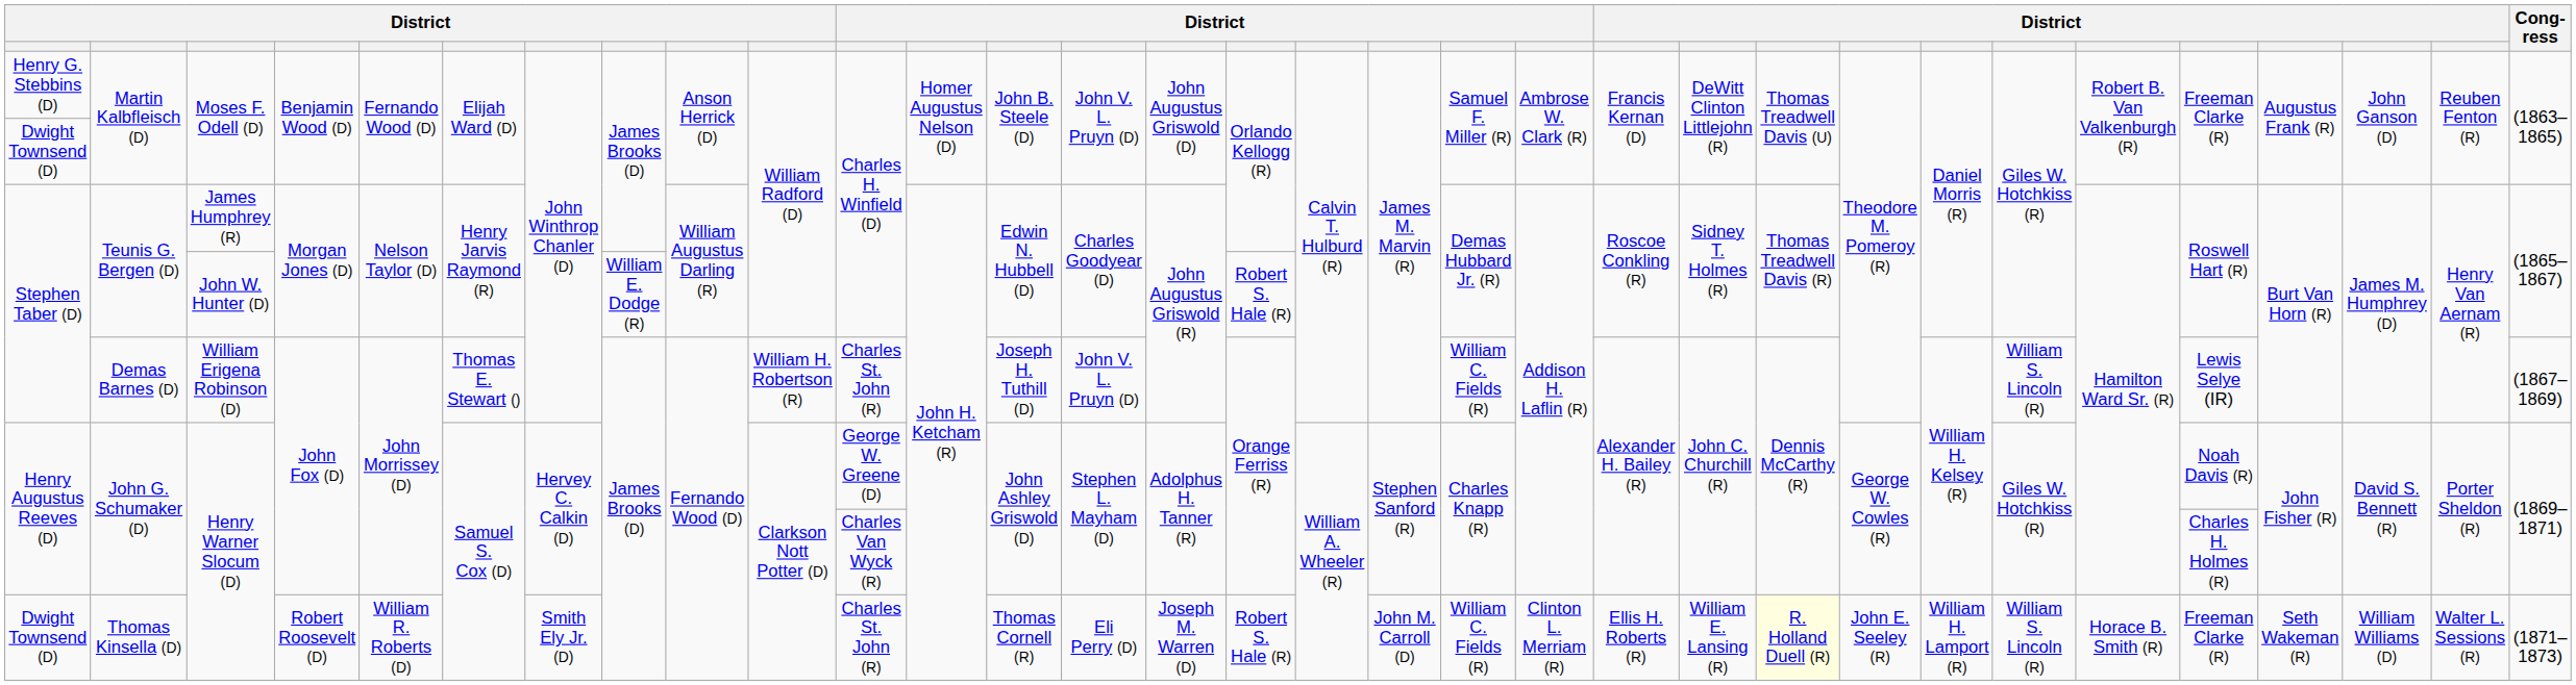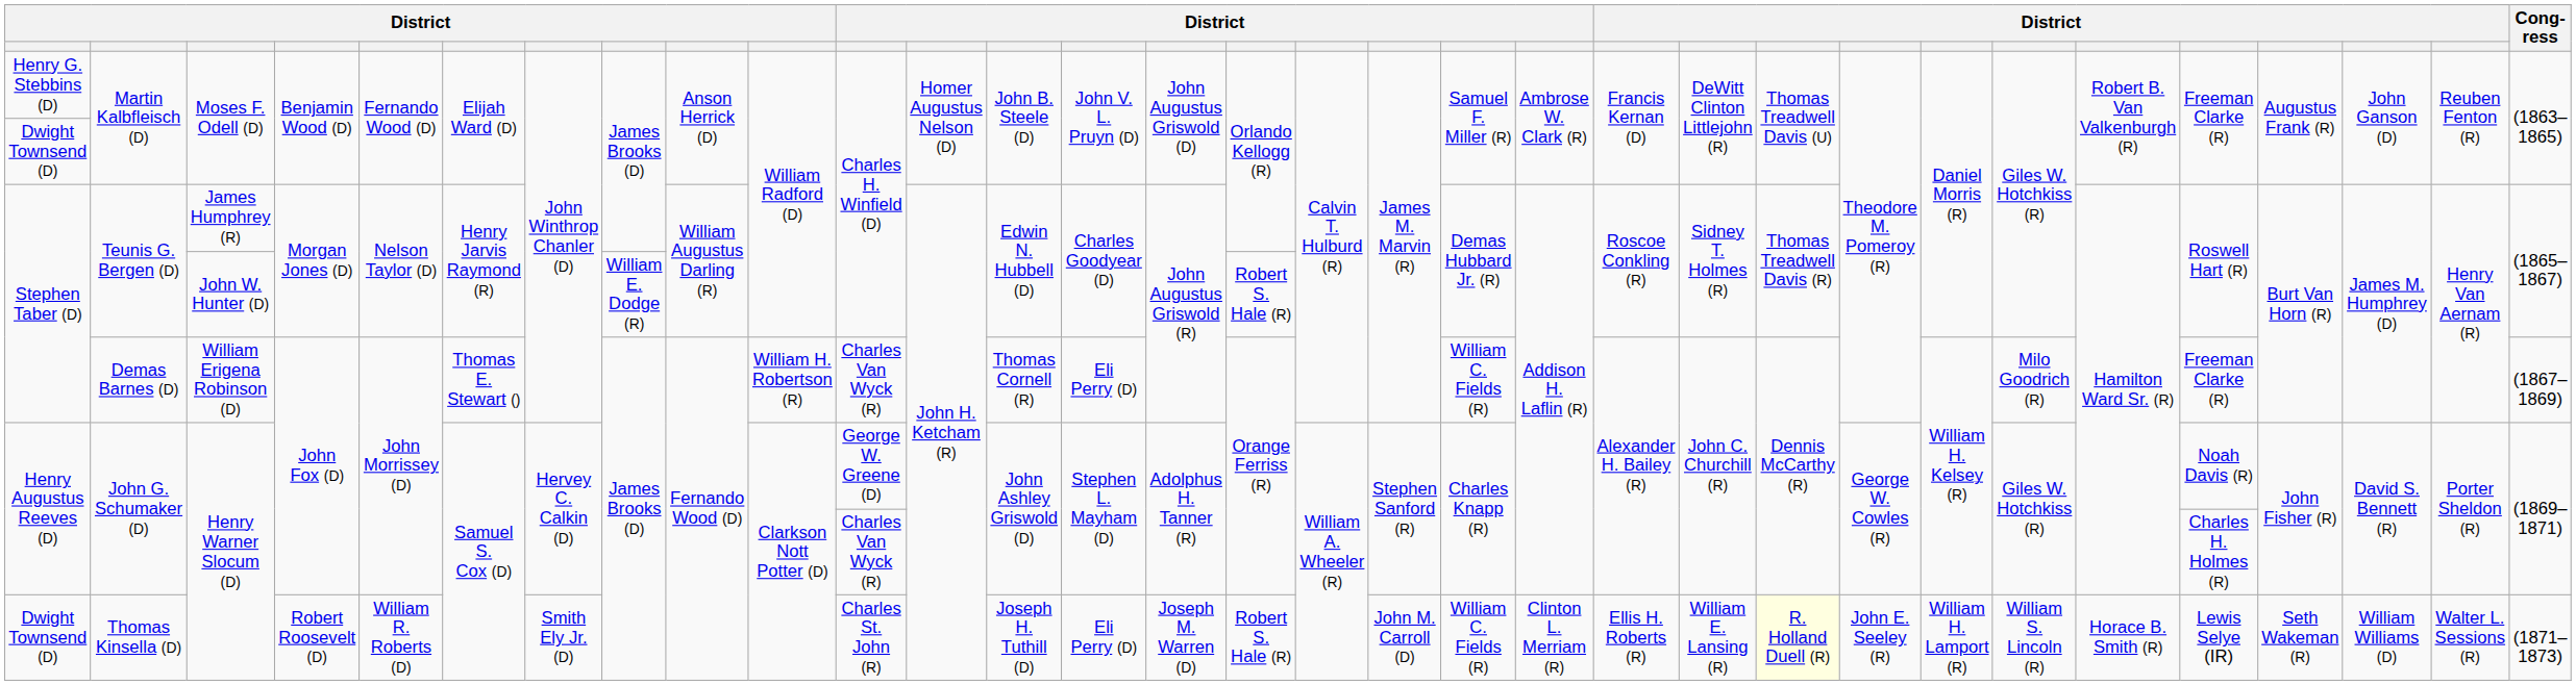 <table class=wikitable style="text-align:center">
 <tr>
 <th colspan=10>District</th>
 <th colspan=10>District</th>
 <th colspan=11>District</th>
 <th rowspan=2>Cong­ress</th>
 </tr>
 <tr>
 <th></th>
 <th></th>
 <th></th>
 <th></th>
 <th></th>
 <th></th>
 <th></th>
 <th></th>
 <th></th>
 <th></th>
 <th></th>
 <th></th>
 <th></th>
 <th></th>
 <th></th>
 <th></th>
 <th></th>
 <th></th>
 <th></th>
 <th></th>
 <th></th>
 <th></th>
 <th></th>
 <th></th>
 <th></th>
 <th></th>
 <th></th>
 <th></th>
 <th></th>
 <th></th>
 <th></th>
 </tr>
 <tr style="height:2em">
 <td><a href='#'>Henry G.<br>Stebbins</a> <small>(D)</small></td>
 <td rowspan=2 ><a href='#'>Martin<br>Kalbfleisch</a><br><small>(D)</small></td>
 <td rowspan=2 ><a href='#'>Moses F.<br>Odell</a> <small>(D)</small></td>
 <td rowspan=2 ><a href='#'>Benjamin<br>Wood</a> <small>(D)</small></td>
 <td rowspan=2 ><a href='#'>Fernando<br>Wood</a> <small>(D)</small></td>
 <td rowspan=2 ><a href='#'>Elijah<br>Ward</a> <small>(D)</small></td>
 <td rowspan=5 ><a href='#'>John<br>Winthrop<br>Chanler</a><br><small>(D)</small></td>
 <td rowspan=3 ><a href='#'>James<br>Brooks</a><br><small>(D)</small></td>
 <td rowspan=2 ><a href='#'>Anson<br>Herrick</a><br><small>(D)</small></td>
 <td rowspan=4 ><a href='#'>William<br>Radford</a> <small>(D)</small></td>
 <td rowspan=4 ><a href='#'>Charles H.<br>Winfield</a> <small>(D)</small></td>
 <td rowspan=2 ><a href='#'>Homer<br>Augustus<br>Nelson</a><br><small>(D)</small></td>
 <td rowspan=2 ><a href='#'>John B.<br>Steele</a> <small>(D)</small></td>
 <td rowspan=2 ><a href='#'>John V. L.<br>Pruyn</a> <small>(D)</small></td>
 <td rowspan=2 ><a href='#'>John<br>Augustus<br>Griswold</a><br><small>(D)</small></td>
 <td rowspan=3 ><a href='#'>Orlando<br>Kellogg</a><br><small>(R)</small></td>
 <td rowspan=5 ><a href='#'>Calvin T.<br>Hulburd</a><br><small>(R)</small></td>
 <td rowspan=5 ><a href='#'>James M.<br>Marvin</a><br><small>(R)</small></td>
 <td rowspan=2 ><a href='#'>Samuel F.<br>Miller</a> <small>(R)</small></td>
 <td rowspan=2 ><a href='#'>Ambrose<br>W.<br>Clark</a> <small>(R)</small></td>
 <td rowspan=2 ><a href='#'>Francis<br>Kernan</a> <small>(D)</small></td>
 <td rowspan=2 ><a href='#'>DeWitt<br>Clinton<br>Littlejohn</a><br><small>(R)</small></td>
 <td rowspan=2 ><a href='#'>Thomas<br>Treadwell<br>Davis</a> <small>(U)</small></td>
 <td rowspan=5 ><a href='#'>Theodore<br>M.<br>Pomeroy</a><br><small>(R)</small></td>
 <td rowspan=4 ><a href='#'>Daniel<br>Morris</a> <small>(R)</small></td>
 <td rowspan=4 ><a href='#'>Giles W.<br>Hotchkiss</a><br><small>(R)</small></td>
 <td rowspan=2 ><a href='#'>Robert B.<br>Van<br>Valkenburgh</a><br><small>(R)</small></td>
 <td rowspan=2 ><a href='#'>Freeman<br>Clarke</a> <small>(R)</small></td>
 <td rowspan=2 ><a href='#'>Augustus<br>Frank</a> <small>(R)</small></td>
 <td rowspan=2 ><a href='#'>John<br>Ganson</a><br><small>(D)</small></td>
 <td rowspan=2 ><a href='#'>Reuben<br>Fenton</a> <small>(R)</small></td>
 <td rowspan=2><strong></strong><br>(1863–1865)</td>
 </tr>
 <tr style="height:2em">
 <td><a href='#'>Dwight<br>Townsend</a> <small>(D)</small></td>
 </tr>
 <tr style="height:2em">
 <td rowspan=3 ><a href='#'>Stephen<br>Taber</a> <small>(D)</small></td>
 <td rowspan=2 ><a href='#'>Teunis G.<br>Bergen</a> <small>(D)</small></td>
 <td><a href='#'>James<br>Humphrey</a> <small>(R)</small></td>
 <td rowspan=2 ><a href='#'>Morgan<br>Jones</a> <small>(D)</small></td>
 <td rowspan=2 ><a href='#'>Nelson<br>Taylor</a> <small>(D)</small></td>
 <td rowspan=2 ><a href='#'>Henry<br>Jarvis<br>Raymond</a><br><small>(R)</small></td>
 <td rowspan=2 ><a href='#'>William<br>Augustus<br>Darling</a><br><small>(R)</small></td>
 <td rowspan=6 ><a href='#'>John H.<br>Ketcham</a><br><small>(R)</small></td>
 <td rowspan=2 ><a href='#'>Edwin N.<br>Hubbell</a><br><small>(D)</small></td>
 <td rowspan=2 ><a href='#'>Charles<br>Goodyear</a><br><small>(D)</small></td>
 <td rowspan=3 ><a href='#'>John<br>Augustus<br>Griswold</a><br><small>(R)</small></td>
 <td rowspan=2 ><a href='#'>Demas<br>Hubbard<br>Jr.</a> <small>(R)</small></td>
 <td rowspan=5 ><a href='#'>Addison H.<br>Laflin</a> <small>(R)</small></td>
 <td rowspan=2 ><a href='#'>Roscoe<br>Conkling</a><br><small>(R)</small></td>
 <td rowspan=2 ><a href='#'>Sidney T.<br>Holmes</a><br><small>(R)</small></td>
 <td rowspan=2 ><a href='#'>Thomas<br>Treadwell<br>Davis</a> <small>(R)</small></td>
 <td rowspan=5 ><a href='#'>Hamilton<br>Ward Sr.</a> <small>(R)</small></td>
 <td rowspan=2 ><a href='#'>Roswell<br>Hart</a> <small>(R)</small></td>
 <td rowspan=3 ><a href='#'>Burt Van<br>Horn</a> <small>(R)</small></td>
 <td rowspan=3 ><a href='#'>James M.<br>Humphrey</a><br><small>(D)</small></td>
 <td rowspan=3 ><a href='#'>Henry Van<br>Aernam</a><br><small>(R)</small></td>
 <td rowspan=2><strong></strong><br>(1865–1867)</td>
 </tr>
 <tr style="height:2em">
 <td><a href='#'>John W.<br>Hunter</a> <small>(D)</small></td>
 <td><a href='#'>William E.<br>Dodge</a> <small>(R)</small></td>
 <td><a href='#'>Robert S.<br>Hale</a> <small>(R)</small></td>
 </tr>
 <tr style="height:2em">
 <td><a href='#'>Demas<br>Barnes</a> <small>(D)</small></td>
 <td><a href='#'>William Erigena<br>Robinson</a> <small>(D)</small></td>
 <td rowspan=3 ><a href='#'>John<br>Fox</a> <small>(D)</small></td>
 <td rowspan=3 ><a href='#'>John<br>Morrissey</a><br><small>(D)</small></td>
 <td><a href='#'>Thomas E.<br>Stewart</a> <small>()</small></td>
 <td rowspan=4 ><a href='#'>James<br>Brooks</a><br><small>(D)</small></td>
 <td rowspan=4 ><a href='#'>Fernando<br>Wood</a> <small>(D)</small></td>
 <td><a href='#'>William H.<br>Robertson</a> <small>(R)</small></td>
-<td><a href='#'>Charles<br>St. John</a> <small>(R)</small></td>
-<td><a href='#'>Joseph H.<br>Tuthill</a> <small>(D)</small></td>
-<td><a href='#'>John V. L.<br>Pruyn</a> <small>(D)</small></td>
+<td><a href='#'>Charles Van<br>Wyck</a> <small>(R)</small></td>
+<td><a href='#'>Thomas<br>Cornell</a> <small>(R)</small></td>
+<td><a href='#'>Eli<br>Perry</a> <small>(D)</small></td>
 <td rowspan=3 ><a href='#'>Orange<br>Ferriss</a> <small>(R)</small></td>
 <td><a href='#'>William C.<br>Fields</a> <small>(R)</small></td>
 <td rowspan=3 ><a href='#'>Alexander<br>H. Bailey</a><br><small>(R)</small></td>
 <td rowspan=3 ><a href='#'>John C.<br>Churchill</a><br><small>(R)</small></td>
 <td rowspan=3 ><a href='#'>Dennis<br>McCarthy</a><br><small>(R)</small></td>
 <td rowspan=3 ><a href='#'>William H.<br>Kelsey</a> <small>(R)</small></td>
-<td><a href='#'>William S.<br>Lincoln</a> <small>(R)</small></td>
-<td><a href='#'>Lewis<br>Selye</a> (IR)</td>
+<td><a href='#'>Milo<br>Goodrich</a> <small>(R)</small></td>
+<td><a href='#'>Freeman<br>Clarke</a> <small>(R)</small></td>
 <td><strong></strong><br>(1867–1869)</td>
 </tr>
 <tr style="height:2em">
 <td rowspan=2 ><a href='#'>Henry<br>Augustus<br>Reeves</a> <small>(D)</small></td>
 <td rowspan=2 ><a href='#'>John G.<br>Schumaker</a><br><small>(D)</small></td>
 <td rowspan=3 ><a href='#'>Henry<br>Warner<br>Slocum</a> <small>(D)</small></td>
 <td rowspan=3 ><a href='#'>Samuel S.<br>Cox</a> <small>(D)</small></td>
 <td rowspan=2 ><a href='#'>Hervey C.<br>Calkin</a> <small>(D)</small></td>
 <td rowspan=3 ><a href='#'>Clarkson<br>Nott<br>Potter</a> <small>(D)</small></td>
 <td><a href='#'>George W.<br>Greene</a> <small>(D)</small></td>
 <td rowspan=2 ><a href='#'>John<br>Ashley<br>Griswold</a><br><small>(D)</small></td>
 <td rowspan=2 ><a href='#'>Stephen<br>L.<br>Mayham</a><br><small>(D)</small></td>
 <td rowspan=2 ><a href='#'>Adolphus<br>H.<br>Tanner</a> <small>(R)</small></td>
 <td rowspan=3 ><a href='#'>William<br>A.<br>Wheeler</a><br><small>(R)</small></td>
 <td rowspan=2 ><a href='#'>Stephen<br>Sanford</a><br><small>(R)</small></td>
 <td rowspan=2 ><a href='#'>Charles<br>Knapp</a> <small>(R)</small></td>
 <td rowspan=2 ><a href='#'>George W.<br>Cowles</a> <small>(R)</small></td>
 <td rowspan=2 ><a href='#'>Giles W.<br>Hotchkiss</a><br><small>(R)</small></td>
 <td><a href='#'>Noah<br>Davis</a> <small>(R)</small></td>
 <td rowspan=2 ><a href='#'>John<br>Fisher</a> <small>(R)</small></td>
 <td rowspan=2 ><a href='#'>David S.<br>Bennett</a> <small>(R)</small></td>
 <td rowspan=2 ><a href='#'>Porter<br>Sheldon</a><br><small>(R)</small></td>
 <td rowspan=2><strong></strong><br>(1869–1871)</td>
 </tr>
 <tr style="height:2em">
 <td><a href='#'>Charles Van<br>Wyck</a> <small>(R)</small></td>
 <td><a href='#'>Charles H.<br>Holmes</a> <small>(R)</small></td>
 </tr>
 <tr style="height:2em">
 <td><a href='#'>Dwight<br>Townsend</a> <small>(D)</small></td>
 <td><a href='#'>Thomas<br>Kinsella</a> <small>(D)</small></td>
 <td><a href='#'>Robert<br>Roosevelt</a> <small>(D)</small></td>
 <td><a href='#'>William R.<br>Roberts</a> <small>(D)</small></td>
 <td><a href='#'>Smith<br>Ely Jr.</a> <small>(D)</small></td>
 <td><a href='#'>Charles<br>St. John</a> <small>(R)</small></td>
-<td><a href='#'>Thomas<br>Cornell</a> <small>(R)</small></td>
+<td><a href='#'>Joseph H.<br>Tuthill</a> <small>(D)</small></td>
 <td><a href='#'>Eli<br>Perry</a> <small>(D)</small></td>
 <td><a href='#'>Joseph M.<br>Warren</a> <small>(D)</small></td>
 <td><a href='#'>Robert S.<br>Hale</a> <small>(R)</small></td>
 <td><a href='#'>John M.<br>Carroll</a> <small>(D)</small></td>
 <td><a href='#'>William C.<br>Fields</a> <small>(R)</small></td>
 <td><a href='#'>Clinton L.<br>Merriam</a> <small>(R)</small></td>
 <td><a href='#'>Ellis H.<br>Roberts</a> <small>(R)</small></td>
 <td><a href='#'>William E.<br>Lansing</a> <small>(R)</small></td>
 <td style="background: lightyellow;"><a href='#'>R. Holland<br>Duell</a> <small>(R)</small></td>
 <td><a href='#'>John E.<br>Seeley</a> <small>(R)</small></td>
 <td><a href='#'>William H.<br>Lamport</a> <small>(R)</small></td>
 <td><a href='#'>William S.<br>Lincoln</a> <small>(R)</small></td>
 <td><a href='#'>Horace B.<br>Smith</a> <small>(R)</small></td>
-<td><a href='#'>Freeman<br>Clarke</a> <small>(R)</small></td>
+<td><a href='#'>Lewis<br>Selye</a> (IR)</td>
 <td><a href='#'>Seth<br>Wakeman</a> <small>(R)</small></td>
 <td><a href='#'>William<br>Williams</a> <small>(D)</small></td>
 <td><a href='#'>Walter L.<br>Sessions</a> <small>(R)</small></td>
 <td><strong></strong><br>(1871–1873)</td>
 </tr>
 </table>
